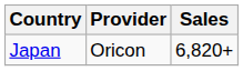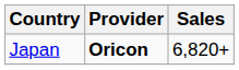 <table class="wikitable">
 <tr>
 <th>Country</th>
 <th>Provider</th>
 <th>Sales</th>
 </tr>
 <tr>
 <td><a href='#'>Japan</a></td>
-<td>Oricon</td>
+<td><strong>Oricon</strong></td>
 <td align="center">6,820+</td>
 </tr>
 <tr>
 </tr>
 </table>
